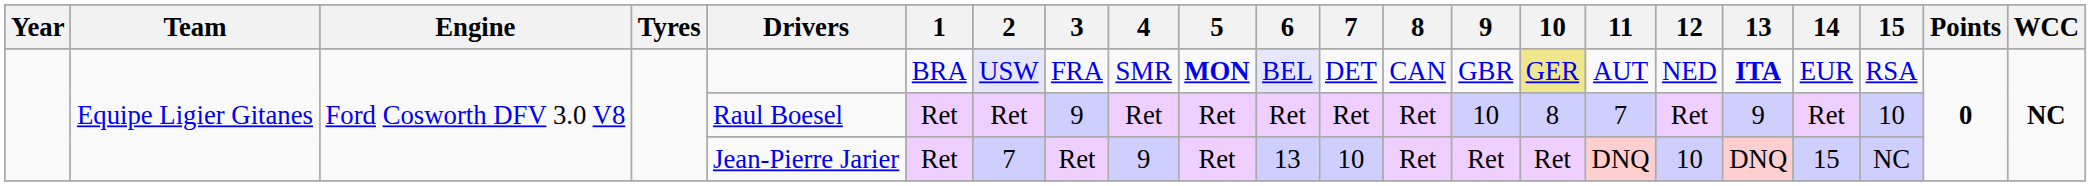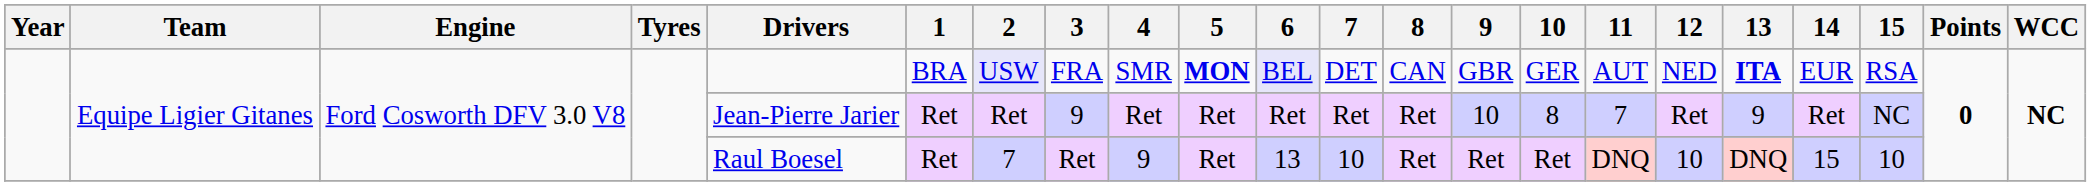 <table class="wikitable" style="text-align:center; font-size:95%">
 <tr>
 <th>Year</th>
 <th>Team</th>
 <th>Engine</th>
 <th>Tyres</th>
 <th>Drivers</th>
 <th>1</th>
 <th>2</th>
 <th>3</th>
 <th>4</th>
 <th>5</th>
 <th>6</th>
 <th>7</th>
 <th>8</th>
 <th>9</th>
 <th>10</th>
 <th>11</th>
 <th>12</th>
 <th>13</th>
 <th>14</th>
 <th>15</th>
 <th>Points</th>
 <th>WCC</th>
 </tr>
 <tr>
 <td rowspan="3"></td>
 <td rowspan="3"><a href='#'>Equipe Ligier Gitanes</a></td>
 <td rowspan="3"><a href='#'>Ford</a> <a href='#'>Cosworth DFV</a> 3.0  <a href='#'>V8</a></td>
 <td rowspan="3"></td>
 <td></td>
 <td><a href='#'>BRA</a></td>
 <td style="background: lavender;"><a href='#'>USW</a></td>
 <td><a href='#'>FRA</a></td>
 <td><a href='#'>SMR</a></td>
 <td><strong><a href='#'>MON</a></strong></td>
 <td style="background: lavender;"><a href='#'>BEL</a></td>
 <td><a href='#'>DET</a></td>
 <td><a href='#'>CAN</a></td>
 <td><a href='#'>GBR</a></td>
-<td style="background: khaki;"><a href='#'>GER</a></td>
+<td><a href='#'>GER</a></td>
 <td><a href='#'>AUT</a></td>
 <td><a href='#'>NED</a></td>
 <td><strong><a href='#'>ITA</a></strong></td>
 <td><a href='#'>EUR</a></td>
 <td><a href='#'>RSA</a></td>
 <td rowspan="3"><strong>0</strong></td>
 <td rowspan="3"><strong>NC</strong></td>
 </tr>
 <tr>
-<td align="left"><a href='#'>Raul Boesel</a></td>
+<td align="left"><a href='#'>Jean-Pierre Jarier</a></td>
 <td style="background:#efcfff;">Ret</td>
 <td style="background:#efcfff;">Ret</td>
 <td style="background:#cfcfff;">9</td>
 <td style="background:#efcfff;">Ret</td>
 <td style="background:#efcfff;">Ret</td>
 <td style="background:#efcfff;">Ret</td>
 <td style="background:#efcfff;">Ret</td>
 <td style="background:#efcfff;">Ret</td>
 <td style="background:#cfcfff;">10</td>
 <td style="background:#cfcfff;">8</td>
 <td style="background:#cfcfff;">7</td>
 <td style="background:#efcfff;">Ret</td>
 <td style="background:#cfcfff;">9</td>
 <td style="background:#efcfff;">Ret</td>
-<td style="background:#cfcfff;">10</td>
+<td style="background:#cfcfff;">NC</td>
 </tr>
 <tr>
-<td align="left"><a href='#'>Jean-Pierre Jarier</a></td>
+<td align="left"><a href='#'>Raul Boesel</a></td>
 <td style="background:#efcfff;">Ret</td>
 <td style="background:#cfcfff;">7</td>
 <td style="background:#efcfff;">Ret</td>
 <td style="background:#cfcfff;">9</td>
 <td style="background:#efcfff;">Ret</td>
 <td style="background:#cfcfff;">13</td>
 <td style="background:#cfcfff;">10</td>
 <td style="background:#efcfff;">Ret</td>
 <td style="background:#efcfff;">Ret</td>
 <td style="background:#efcfff;">Ret</td>
 <td style="background:#ffcfcf;">DNQ</td>
 <td style="background:#cfcfff;">10</td>
 <td style="background:#ffcfcf;">DNQ</td>
 <td style="background:#cfcfff;">15</td>
-<td style="background:#cfcfff;">NC</td>
+<td style="background:#cfcfff;">10</td>
 </tr>
 </table>
